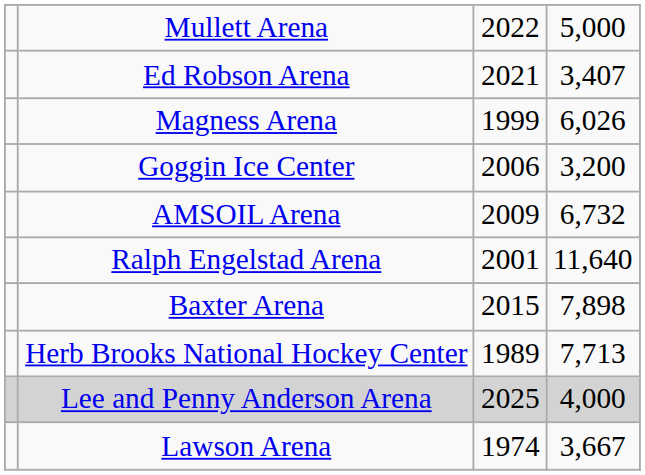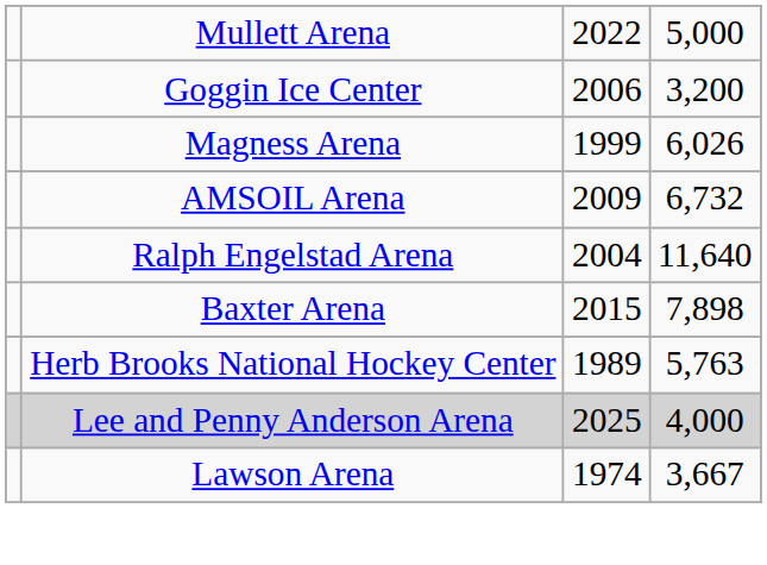 <table class="wikitable sortable" style="text-align: center;">
 <tr>
 <td><a href='#'></a></td>
 <td><a href='#'>Mullett Arena</a></td>
 <td>2022</td>
 <td>5,000</td>
 </tr>
 <tr>
 <td><a href='#'></a></td>
-<td><a href='#'>Ed Robson Arena</a></td>
-<td>2021</td>
-<td>3,407</td>
+<td><a href='#'>Goggin Ice Center</a></td>
+<td>2006</td>
+<td>3,200</td>
 </tr>
 <tr>
 <td><a href='#'></a></td>
 <td><a href='#'>Magness Arena</a></td>
 <td>1999</td>
 <td>6,026</td>
-</tr>
-<tr>
-<td><a href='#'></a></td>
-<td><a href='#'>Goggin Ice Center</a></td>
-<td>2006</td>
-<td>3,200</td>
 </tr>
 <tr>
 <td><a href='#'></a></td>
 <td><a href='#'>AMSOIL Arena</a></td>
 <td>2009</td>
 <td>6,732</td>
 </tr>
 <tr>
 <td><a href='#'></a></td>
 <td><a href='#'>Ralph Engelstad Arena</a></td>
-<td>2001</td>
+<td>2004</td>
 <td>11,640</td>
 </tr>
 <tr>
 <td><a href='#'></a></td>
 <td><a href='#'>Baxter Arena</a></td>
 <td>2015</td>
 <td>7,898</td>
 </tr>
 <tr>
 <td><a href='#'></a></td>
 <td><a href='#'>Herb Brooks National Hockey Center</a></td>
 <td>1989</td>
-<td>7,713</td>
+<td>5,763</td>
 </tr>
 <tr bgcolor=lightgray>
 <td><a href='#'></a></td>
 <td><a href='#'>Lee and Penny Anderson Arena</a></td>
 <td>2025</td>
 <td>4,000</td>
 </tr>
 <tr>
 <td><a href='#'></a></td>
 <td><a href='#'>Lawson Arena</a></td>
 <td>1974</td>
 <td>3,667</td>
 </tr>
 </table>
